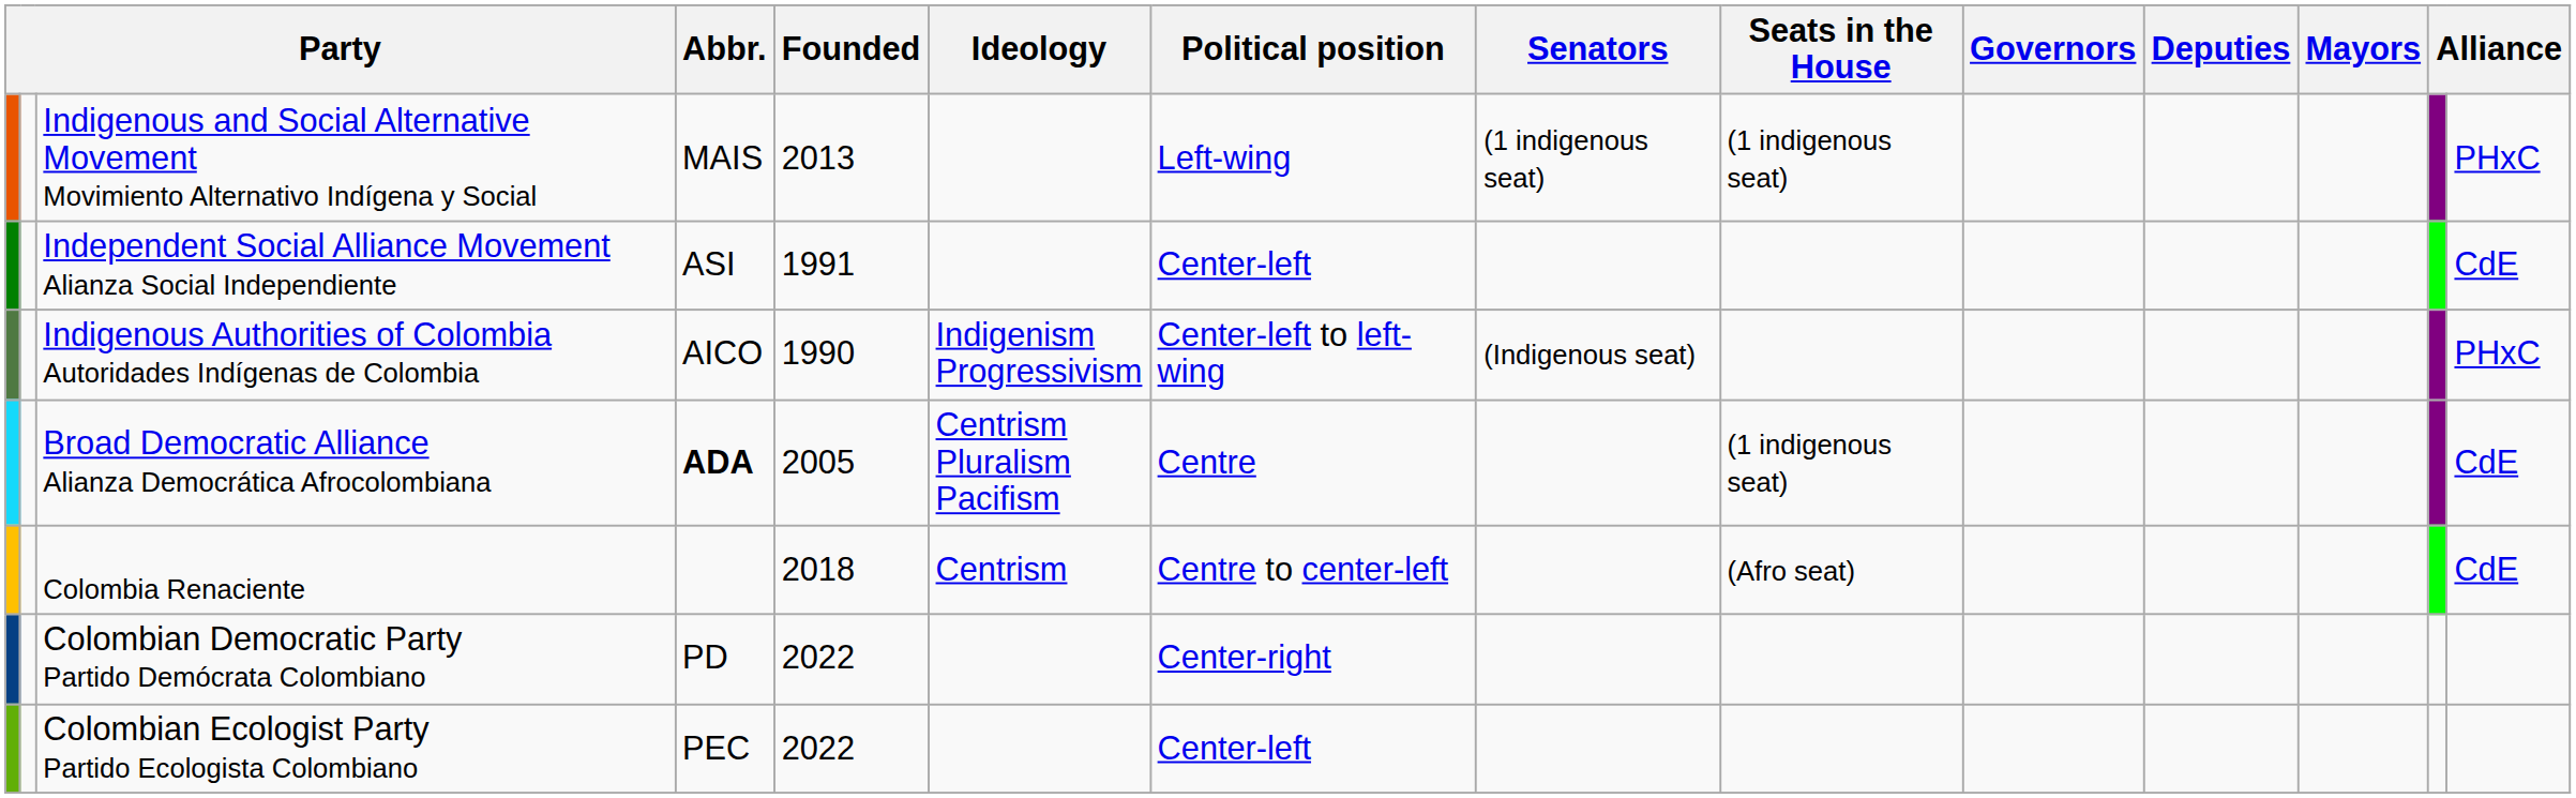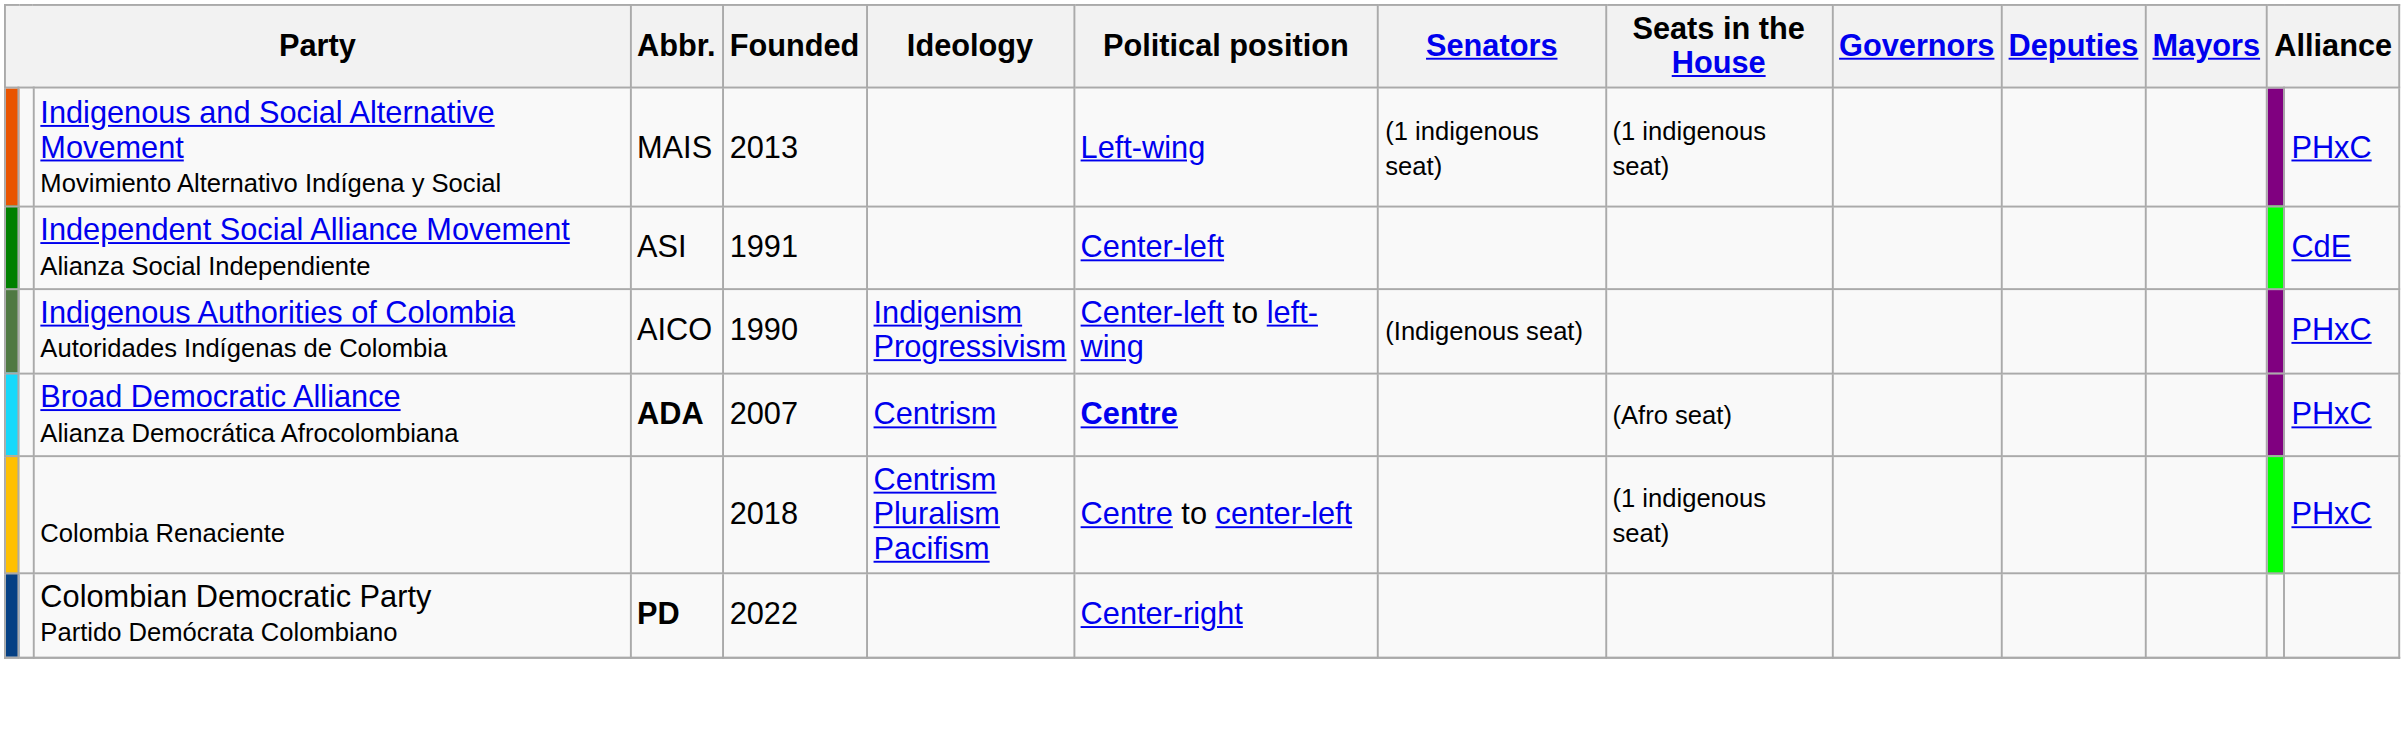 <table class="wikitable">
 <tr>
 <th colspan=3>Party</th>
 <th>Abbr.</th>
 <th>Founded</th>
 <th>Ideology</th>
 <th>Political position</th>
 <th><a href='#'>Senators</a></th>
 <th>Seats in the<br><a href='#'>House</a></th>
 <th><a href='#'>Governors</a></th>
 <th><a href='#'>Deputies</a></th>
 <th><a href='#'>Mayors</a></th>
 <th colspan=2>Alliance</th>
 </tr>
 <tr>
 <th style = "background-color: #E95400"></th>
 <td></td>
 <td><a href='#'>Indigenous and Social Alternative Movement</a><br><small>Movimiento Alternativo Indígena y Social</small></td>
 <td>MAIS</td>
 <td>2013</td>
 <td></td>
 <td><a href='#'>Left-wing</a></td>
 <td> <small>(1 indigenous seat)</small></td>
 <td> <small>(1 indigenous seat)</small></td>
 <td></td>
 <td></td>
 <td></td>
 <td bgcolor=purple></td>
 <td><a href='#'>PHxC</a></td>
 </tr>
 <tr>
 <th style="background-color: green"></th>
 <td></td>
 <td><a href='#'>Independent Social Alliance Movement</a><br><small>Alianza Social Independiente</small></td>
 <td>ASI</td>
 <td>1991</td>
 <td></td>
 <td><a href='#'>Center-left</a></td>
 <td></td>
 <td></td>
 <td></td>
 <td></td>
 <td></td>
 <td bgcolor=lime></td>
 <td><a href='#'>CdE</a></td>
 </tr>
 <tr>
 <th style="background-color: #4F7942"></th>
 <td></td>
 <td><a href='#'>Indigenous Authorities of Colombia</a><br><small>Autoridades Indígenas de Colombia</small></td>
 <td>AICO</td>
 <td>1990</td>
 <td><a href='#'>Indigenism</a><br><a href='#'>Progressivism</a></td>
 <td><a href='#'>Center-left</a> to <a href='#'>left-wing</a></td>
 <td> <small>(Indigenous seat)</small></td>
 <td></td>
 <td></td>
 <td></td>
 <td></td>
 <td bgcolor=purple></td>
 <td><a href='#'>PHxC</a></td>
 </tr>
 <tr>
 <th style="background-color: #15D9FB"></th>
 <td></td>
 <td><a href='#'>Broad Democratic Alliance</a><br><small>Alianza Democrática Afrocolombiana</small></td>
 <td><strong>ADA</strong></td>
-<td>2005</td>
-<td><a href='#'>Centrism</a><br><a href='#'>Pluralism</a><br><a href='#'>Pacifism</a></td>
-<td><a href='#'>Centre</a></td>
+<td>2007</td>
+<td><a href='#'>Centrism</a></td>
+<td><strong><a href='#'>Centre</a></strong></td>
 <td></td>
-<td> <small>(1 indigenous seat)</small></td>
+<td> <small>(Afro seat)</small></td>
 <td></td>
 <td></td>
 <td></td>
 <td bgcolor=purple></td>
-<td><a href='#'>CdE</a></td>
+<td><a href='#'>PHxC</a></td>
 </tr>
 <tr>
 <th style="background-color: #FFC000"></th>
 <td></td>
 <td><br><small>Colombia Renaciente</small></td>
 <td></td>
 <td>2018</td>
-<td><a href='#'>Centrism</a></td>
+<td><a href='#'>Centrism</a><br><a href='#'>Pluralism</a><br><a href='#'>Pacifism</a></td>
 <td><a href='#'>Centre</a> to <a href='#'>center-left</a></td>
 <td></td>
-<td> <small>(Afro seat)</small></td>
+<td> <small>(1 indigenous seat)</small></td>
 <td></td>
 <td></td>
 <td></td>
 <td bgcolor=lime></td>
-<td><a href='#'>CdE</a></td>
+<td><a href='#'>PHxC</a></td>
 </tr>
 <tr>
 <th style="background-color: #054084"></th>
 <td></td>
 <td>Colombian Democratic Party<br><small>Partido Demócrata Colombiano</small></td>
-<td>PD</td>
+<td><strong>PD</strong></td>
 <td>2022</td>
 <td></td>
 <td><a href='#'>Center-right</a></td>
 <td></td>
 <td></td>
 <td></td>
 <td></td>
 <td></td>
 <td></td>
 <td></td>
 </tr>
 <tr>
-<th style="background-color: #61AF07"></th>
-<td></td>
-<td>Colombian Ecologist Party<br><small>Partido Ecologista Colombiano</small></td>
-<td>PEC</td>
-<td>2022</td>
-<td></td>
-<td><a href='#'>Center-left</a></td>
-<td></td>
-<td></td>
-<td></td>
-<td></td>
-<td></td>
-<td></td>
-<td></td>
-</tr>
-<tr>
 </tr>
 </table>
